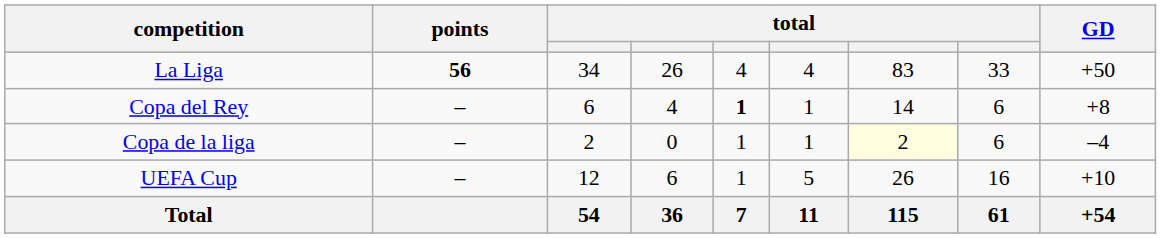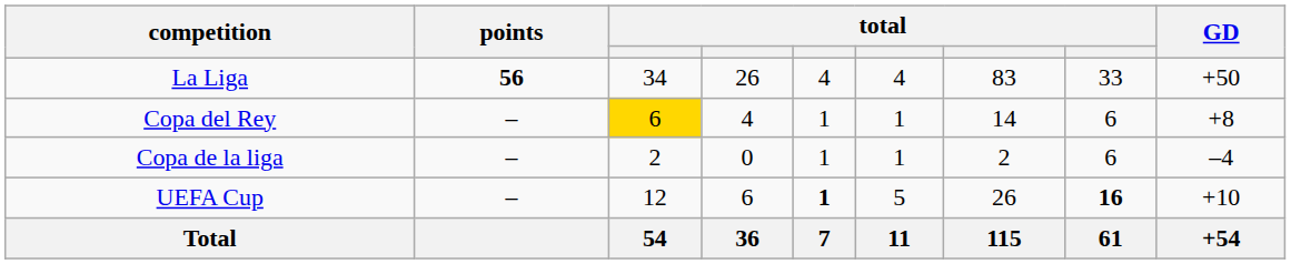 <table class="wikitable" style="font-size:90%;width:60%;float:left;text-align:center;">
 <tr>
 <th rowspan="2">competition</th>
 <th rowspan="2">points</th>
 <th colspan="6">total</th>
 <th rowspan="2"><a href='#'>GD</a></th>
 </tr>
 <tr>
 <th></th>
 <th></th>
 <th></th>
 <th></th>
 <th></th>
 <th></th>
 </tr>
 <tr>
 <td><a href='#'>La Liga</a></td>
 <td><strong>56</strong></td>
 <td>34</td>
 <td>26</td>
 <td>4</td>
 <td>4</td>
 <td>83</td>
 <td>33</td>
 <td>+50</td>
 </tr>
 <tr>
 <td><a href='#'>Copa del Rey</a></td>
 <td>–</td>
-<td>6</td>
+<td style="background: gold;">6</td>
 <td>4</td>
-<td><strong>1</strong></td>
+<td>1</td>
 <td>1</td>
 <td>14</td>
 <td>6</td>
 <td>+8</td>
 </tr>
 <tr>
 <td><a href='#'>Copa de la liga</a></td>
 <td>–</td>
 <td>2</td>
 <td>0</td>
 <td>1</td>
 <td>1</td>
-<td style="background: lightyellow;">2</td>
+<td>2</td>
 <td>6</td>
 <td>–4</td>
 </tr>
 <tr>
 <td><a href='#'>UEFA Cup</a></td>
 <td>–</td>
 <td>12</td>
 <td>6</td>
-<td>1</td>
+<td><strong>1</strong></td>
 <td>5</td>
 <td>26</td>
-<td>16</td>
+<td><strong>16</strong></td>
 <td>+10</td>
 </tr>
 <tr>
 <th>Total</th>
 <th></th>
 <th>54</th>
 <th>36</th>
 <th>7</th>
 <th>11</th>
 <th>115</th>
 <th>61</th>
 <th>+54</th>
 </tr>
 </table>
